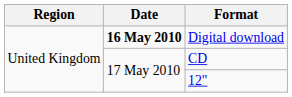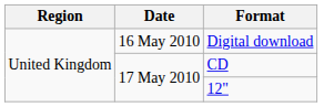 <table class=wikitable>
 <tr>
 <th>Region</th>
 <th>Date</th>
 <th>Format</th>
 </tr>
 <tr>
 <td align="center" rowspan="3">United Kingdom</td>
-<td><strong>16 May 2010</strong></td>
+<td>16 May 2010</td>
 <td><a href='#'>Digital download</a></td>
 </tr>
 <tr>
 <td rowspan="2">17 May 2010</td>
 <td><a href='#'>CD</a></td>
 </tr>
 <tr>
 <td><a href='#'>12"</a></td>
 </tr>
 </table>
